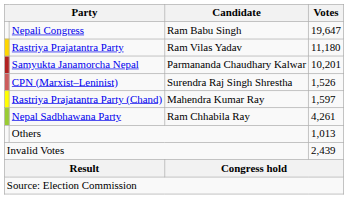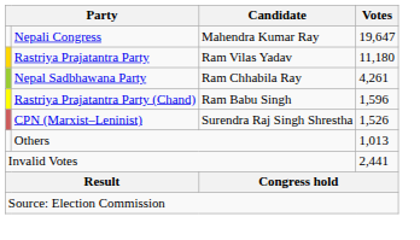 <table class="wikitable">
 <tr>
 <th colspan="2">Party</th>
 <th>Candidate</th>
 <th>Votes</th>
 </tr>
 <tr>
 <td style="background-color:"></td>
 <td><a href='#'>Nepali Congress</a></td>
-<td>Ram Babu Singh</td>
+<td>Mahendra Kumar Ray</td>
 <td>19,647</td>
 </tr>
 <tr>
 <td style="background-color:gold"></td>
 <td><a href='#'>Rastriya Prajatantra Party</a></td>
 <td>Ram Vilas Yadav</td>
 <td>11,180</td>
 </tr>
 <tr>
-<td style="background-color:firebrick"></td>
-<td><a href='#'>Samyukta Janamorcha Nepal</a></td>
-<td>Parmananda Chaudhary Kalwar</td>
-<td>10,201</td>
+<td style="background-color:yellowgreen"></td>
+<td><a href='#'>Nepal Sadbhawana Party</a></td>
+<td>Ram Chhabila Ray</td>
+<td>4,261</td>
+</tr>
+<tr>
+<td style="background-color:yellow"></td>
+<td><a href='#'>Rastriya Prajatantra Party (Chand)</a></td>
+<td>Ram Babu Singh</td>
+<td>1,596</td>
 </tr>
 <tr>
 <td style="background-color:indianred"></td>
 <td><a href='#'>CPN (Marxist–Leninist)</a></td>
 <td>Surendra Raj Singh Shrestha</td>
 <td>1,526</td>
 </tr>
 <tr>
-<td style="background-color:yellow"></td>
-<td><a href='#'>Rastriya Prajatantra Party (Chand)</a></td>
-<td>Mahendra Kumar Ray</td>
-<td>1,597</td>
-</tr>
-<tr>
-<td style="background-color:yellowgreen"></td>
-<td><a href='#'>Nepal Sadbhawana Party</a></td>
-<td>Ram Chhabila Ray</td>
-<td>4,261</td>
-</tr>
-<tr>
 <td></td>
 <td colspan="2">Others</td>
 <td>1,013</td>
 </tr>
 <tr>
 <td colspan="3">Invalid Votes</td>
-<td>2,439</td>
+<td>2,441</td>
 </tr>
 <tr>
 <th colspan="2">Result</th>
 <th colspan="2">Congress hold</th>
 </tr>
 <tr>
 <td colspan="4">Source: Election Commission</td>
 </tr>
 </table>
